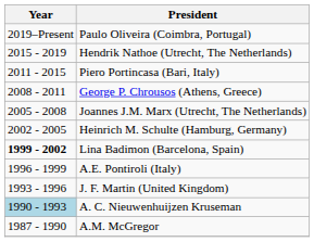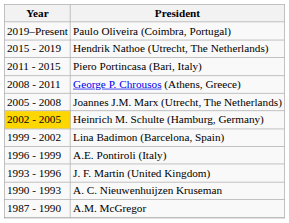 <table class="wikitable" border="1">
 <tr>
 <th>Year</th>
 <th>President</th>
 </tr>
 <tr>
 <td>2019–Present</td>
 <td>Paulo Oliveira (Coimbra, Portugal)</td>
 </tr>
 <tr>
 <td>2015 - 2019</td>
 <td>Hendrik Nathoe (Utrecht, The Netherlands)</td>
 </tr>
 <tr>
 <td>2011 - 2015</td>
 <td>Piero Portincasa (Bari, Italy)</td>
 </tr>
 <tr>
 <td>2008 - 2011</td>
 <td><a href='#'>George P. Chrousos</a> (Athens, Greece)</td>
 </tr>
 <tr>
 <td>2005 - 2008</td>
 <td>Joannes J.M. Marx (Utrecht, The Netherlands)</td>
 </tr>
 <tr>
-<td>2002 - 2005</td>
+<td style="background: gold;">2002 - 2005</td>
 <td>Heinrich M. Schulte (Hamburg, Germany)</td>
 </tr>
 <tr>
-<td><strong>1999 - 2002</strong></td>
+<td>1999 - 2002</td>
 <td>Lina Badimon (Barcelona, Spain)</td>
 </tr>
 <tr>
 <td>1996 - 1999</td>
 <td>A.E. Pontiroli (Italy)</td>
 </tr>
 <tr>
 <td>1993 - 1996</td>
 <td>J. F.  Martin (United Kingdom)</td>
 </tr>
 <tr>
-<td style="background: lightblue;">1990 - 1993</td>
+<td>1990 - 1993</td>
 <td>A. C. Nieuwenhuijzen Kruseman</td>
 </tr>
 <tr>
 <td>1987 - 1990</td>
 <td>A.M. McGregor</td>
 </tr>
 <tr>
 </tr>
 </table>
